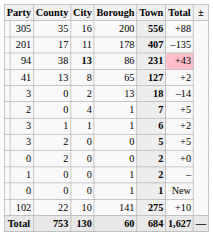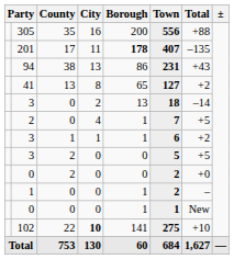 <table class=wikitable>
 <tr>
 <th colspan=2 align=center>Party</th>
 <th valign=top>County</th>
 <th valign=top>City</th>
 <th valign=top>Borough</th>
 <th valign=top>Town</th>
 <th valign=top>Total</th>
 <th valign=top>±</th>
 </tr>
 <tr>
 <td></td>
 <td align=right>305</td>
 <td align=right>35</td>
 <td align=right>16</td>
 <td align=right>200</td>
 <td style="background-color:#EEEEEE" align=right><strong>556</strong></td>
 <td align=right>+88</td>
 </tr>
 <tr>
 <td></td>
 <td align=right>201</td>
 <td align=right>17</td>
 <td align=right>11</td>
-<td align=right>178</td>
+<td align=right><strong>178</strong></td>
 <td style="background-color:#EEEEEE" align=right><strong>407</strong></td>
 <td align=right>–135</td>
 </tr>
 <tr>
 <td></td>
 <td align=right>94</td>
 <td align=right>38</td>
-<td align=right><strong>13</strong></td>
+<td align=right>13</td>
 <td align=right>86</td>
 <td style="background-color:#EEEEEE" align=right><strong>231</strong></td>
-<td align=right style="background: pink;">+43</td>
+<td align=right>+43</td>
 </tr>
 <tr>
 <td></td>
 <td align=right>41</td>
 <td align=right>13</td>
 <td align=right>8</td>
 <td align=right>65</td>
 <td style="background-color:#EEEEEE" align=right><strong>127</strong></td>
 <td align=right>+2</td>
 </tr>
 <tr>
 <td></td>
 <td align=right>3</td>
 <td align=right>0</td>
 <td align=right>2</td>
 <td align=right>13</td>
 <td style="background-color:#EEEEEE" align=right><strong>18</strong></td>
 <td align=right>–14</td>
 </tr>
 <tr>
 <td></td>
 <td align=right>2</td>
 <td align=right>0</td>
 <td align=right>4</td>
 <td align=right>1</td>
 <td style="background-color:#EEEEEE" align=right><strong>7</strong></td>
 <td align=right>+5</td>
 </tr>
 <tr>
 <td></td>
 <td align=right>3</td>
 <td align=right>1</td>
 <td align=right>1</td>
 <td align=right>1</td>
 <td style="background-color:#EEEEEE" align=right><strong>6</strong></td>
 <td align=right>+2</td>
 </tr>
 <tr>
 <td></td>
 <td align=right>3</td>
 <td align=right>2</td>
 <td align=right>0</td>
 <td align=right>0</td>
 <td style="background-color:#EEEEEE" align=right><strong>5</strong></td>
 <td align=right>+5</td>
 </tr>
 <tr>
 <td></td>
 <td align=right>0</td>
 <td align=right>2</td>
 <td align=right>0</td>
 <td align=right>0</td>
 <td style="background-color:#EEEEEE" align=right><strong>2</strong></td>
 <td align=right>+0</td>
 </tr>
 <tr>
 <td></td>
 <td align=right>1</td>
 <td align=right>0</td>
 <td align=right>0</td>
 <td align=right>1</td>
 <td style="background-color:#EEEEEE" align=right><strong>2</strong></td>
 <td align=right>–</td>
 </tr>
 <tr>
 <td></td>
 <td align=right>0</td>
 <td align=right>0</td>
 <td align=right>0</td>
 <td align=right>1</td>
 <td style="background-color:#EEEEEE" align=right><strong>1</strong></td>
 <td align=right>New</td>
 </tr>
 <tr>
 <td></td>
 <td align=right>102</td>
 <td align=right>22</td>
-<td align=right>10</td>
+<td align=right><strong>10</strong></td>
 <td align=right>141</td>
 <td style="background-color:#EEEEEE" align=right><strong>275</strong></td>
 <td align=right>+10</td>
 </tr>
 <tr style="font-weight:bold; background:rgb(232,232,232);">
 <td colspan=2 align=center>Total</td>
 <td align=right>753</td>
 <td align=right>130</td>
 <td align=right>60</td>
 <td align=right>684</td>
 <td align=right>1,627</td>
 <td align=center>—</td>
 </tr>
 </table>
